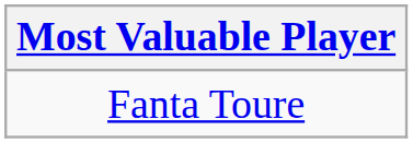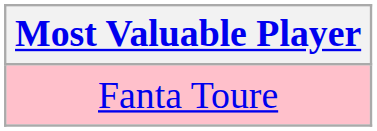 <table class=wikitable style="text-align:center; margin:auto">
 <tr>
 <th><a href='#'>Most Valuable Player</a></th>
 </tr>
 <tr>
-<td> <a href='#'>Fanta Toure</a></td>
+<td style="background: pink;"> <a href='#'>Fanta Toure</a></td>
 </tr>
 </table>
